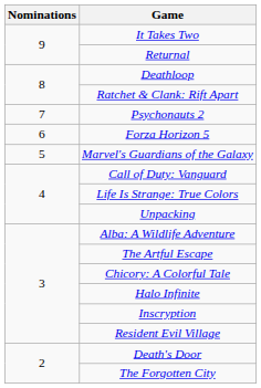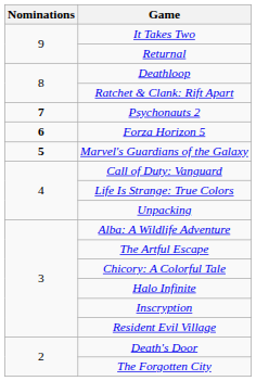 <table class="wikitable" style="text-align:center;">
 <tr>
 <th scope="col" width="55">Nominations</th>
 <th scope="col" align="center">Game</th>
 </tr>
 <tr>
 <td rowspan="2">9</td>
 <td><em><a href='#'>It Takes Two</a></em></td>
 </tr>
 <tr>
 <td><em><a href='#'>Returnal</a></em></td>
 </tr>
 <tr>
 <td rowspan="2">8</td>
 <td><em><a href='#'>Deathloop</a></em></td>
 </tr>
 <tr>
 <td><em><a href='#'>Ratchet & Clank: Rift Apart</a></em></td>
 </tr>
 <tr>
-<td>7</td>
+<td><strong>7</strong></td>
 <td><em><a href='#'>Psychonauts 2</a></em></td>
 </tr>
 <tr>
-<td>6</td>
+<td><strong>6</strong></td>
 <td><em><a href='#'>Forza Horizon 5</a></em></td>
 </tr>
 <tr>
-<td>5</td>
+<td><strong>5</strong></td>
 <td><em><a href='#'>Marvel's Guardians of the Galaxy</a></em></td>
 </tr>
 <tr>
 <td rowspan="3">4</td>
 <td><em><a href='#'>Call of Duty: Vanguard</a></em></td>
 </tr>
 <tr>
 <td><em><a href='#'>Life Is Strange: True Colors</a></em></td>
 </tr>
 <tr>
 <td><em><a href='#'>Unpacking</a></em></td>
 </tr>
 <tr>
 <td rowspan="6">3</td>
 <td><em><a href='#'>Alba: A Wildlife Adventure</a></em></td>
 </tr>
 <tr>
 <td><em><a href='#'>The Artful Escape</a></em></td>
 </tr>
 <tr>
 <td><em><a href='#'>Chicory: A Colorful Tale</a></em></td>
 </tr>
 <tr>
 <td><em><a href='#'>Halo Infinite</a></em></td>
 </tr>
 <tr>
 <td><em><a href='#'>Inscryption</a></em></td>
 </tr>
 <tr>
 <td><em><a href='#'>Resident Evil Village</a></em></td>
 </tr>
 <tr>
 <td rowspan="2">2</td>
 <td><em><a href='#'>Death's Door</a></em></td>
 </tr>
 <tr>
 <td><em><a href='#'>The Forgotten City</a></em></td>
 </tr>
 </table>
